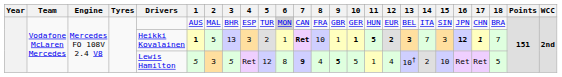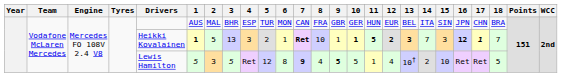 <table class="wikitable" style="text-align:center; font-size:95%">
 <tr>
 <th>Year</th>
 <th>Team</th>
 <th>Engine</th>
 <th>Tyres</th>
 <th>Drivers</th>
 <th>1</th>
 <th>2</th>
 <th>3</th>
 <th>4</th>
 <th>5</th>
 <th>6</th>
 <th>7</th>
 <th>8</th>
 <th>9</th>
 <th>10</th>
 <th>11</th>
 <th>12</th>
 <th>13</th>
 <th>14</th>
 <th>15</th>
 <th>16</th>
 <th>17</th>
 <th>18</th>
 <th>Points</th>
 <th>WCC</th>
 </tr>
 <tr>
 <th rowspan="3"></th>
 <td rowspan="3"><a href='#'>Vodafone McLaren Mercedes</a></td>
 <td rowspan="3"><a href='#'>Mercedes</a> FO 108V 2.4 <a href='#'>V8</a></td>
 <td rowspan="3"></td>
 <td></td>
 <td><a href='#'>AUS</a></td>
 <td><a href='#'>MAL</a></td>
 <td><a href='#'>BHR</a></td>
 <td><a href='#'>ESP</a></td>
 <td><a href='#'>TUR</a></td>
-<td style="background: lightgrey;"><a href='#'>MON</a></td>
+<td><a href='#'>MON</a></td>
 <td><a href='#'>CAN</a></td>
 <td><a href='#'>FRA</a></td>
 <td><a href='#'>GBR</a></td>
 <td><a href='#'>GER</a></td>
 <td><a href='#'>HUN</a></td>
 <td><a href='#'>EUR</a></td>
 <td><a href='#'>BEL</a></td>
 <td><a href='#'>ITA</a></td>
 <td><a href='#'>SIN</a></td>
 <td><a href='#'>JPN</a></td>
 <td><a href='#'>CHN</a></td>
 <td><a href='#'>BRA</a></td>
 <td rowspan="3" style="background-color:#DFDFDF"><strong>151</strong></td>
 <td rowspan="3" style="background-color:#DFDFDF"><strong>2nd</strong></td>
 </tr>
 <tr>
 <td align="left"> <a href='#'>Heikki Kovalainen</a></td>
 <td style="background-color:#FFFFBF"><strong>1</strong></td>
 <td style="background-color:#DFFFDF">5</td>
 <td style="background-color:#CFCFFF">13</td>
 <td style="background-color:#FFDF9F">3</td>
 <td style="background-color:#DFDFDF">2</td>
 <td style="background-color:#FFFFBF">1</td>
 <td style="background-color:#EFCFFF"><strong>Ret</strong></td>
 <td style="background-color:#CFCFFF">10</td>
 <td style="background-color:#FFFFBF">1</td>
 <td style="background-color:#FFFFBF"><strong>1</strong></td>
 <td style="background-color:#DFFFDF"><strong>5</strong></td>
 <td style="background-color:#DFDFDF"><strong>2</strong></td>
 <td style="background-color:#FFDF9F"><strong>3</strong></td>
 <td style="background-color:#DFFFDF">7</td>
 <td style="background-color:#FFDF9F">3</td>
 <td style="background-color:#CFCFFF"><strong>12</strong></td>
 <td style="background-color:#FFFFBF"><strong><em>1</em></strong></td>
 <td style="background-color:#DFFFDF">7</td>
 </tr>
 <tr>
 <td align="left"> <a href='#'>Lewis Hamilton</a></td>
 <td style="background-color:#DFFFDF"><em>5</em></td>
 <td style="background-color:#FFDF9F">3</td>
 <td style="background-color:#DFFFDF"><em>5</em></td>
 <td style="background-color:#EFCFFF">Ret</td>
 <td style="background-color:#CFCFFF">12</td>
 <td style="background-color:#DFFFDF">8</td>
 <td style="background-color:#CFCFFF"><strong>9</strong></td>
 <td style="background-color:#DFFFDF">4</td>
 <td style="background-color:#DFFFDF"><strong>5</strong></td>
 <td style="background-color:#DFFFDF">5</td>
 <td style="background-color:#FFFFBF">1</td>
 <td style="background-color:#DFFFDF">4</td>
 <td style="background-color:#CFCFFF">10<sup>†</sup></td>
 <td style="background-color:#DFDFDF">2</td>
 <td style="background-color:#CFCFFF">10</td>
 <td style="background-color:#EFCFFF">Ret</td>
 <td style="background-color:#EFCFFF">Ret</td>
 <td style="background-color:#DFFFDF">5</td>
 </tr>
 </table>
